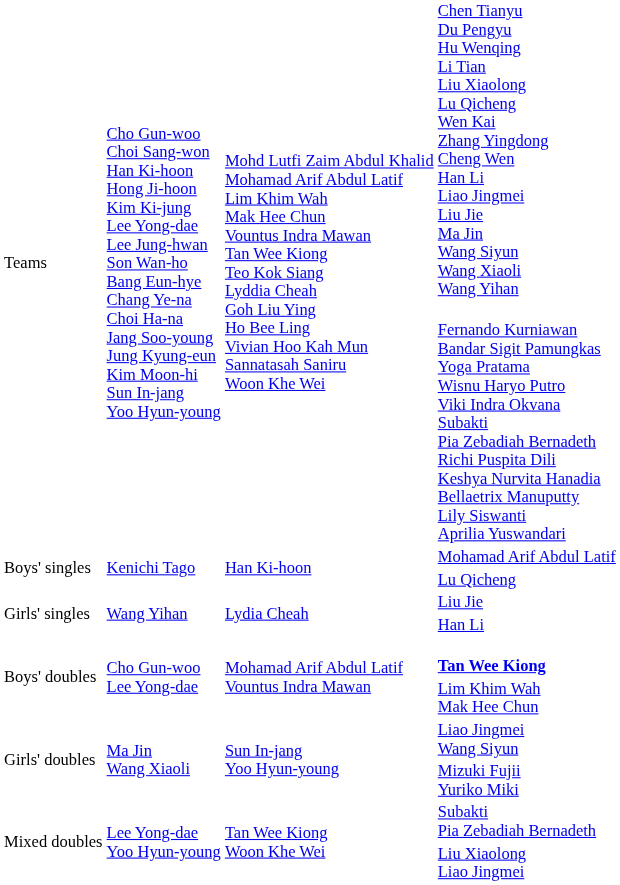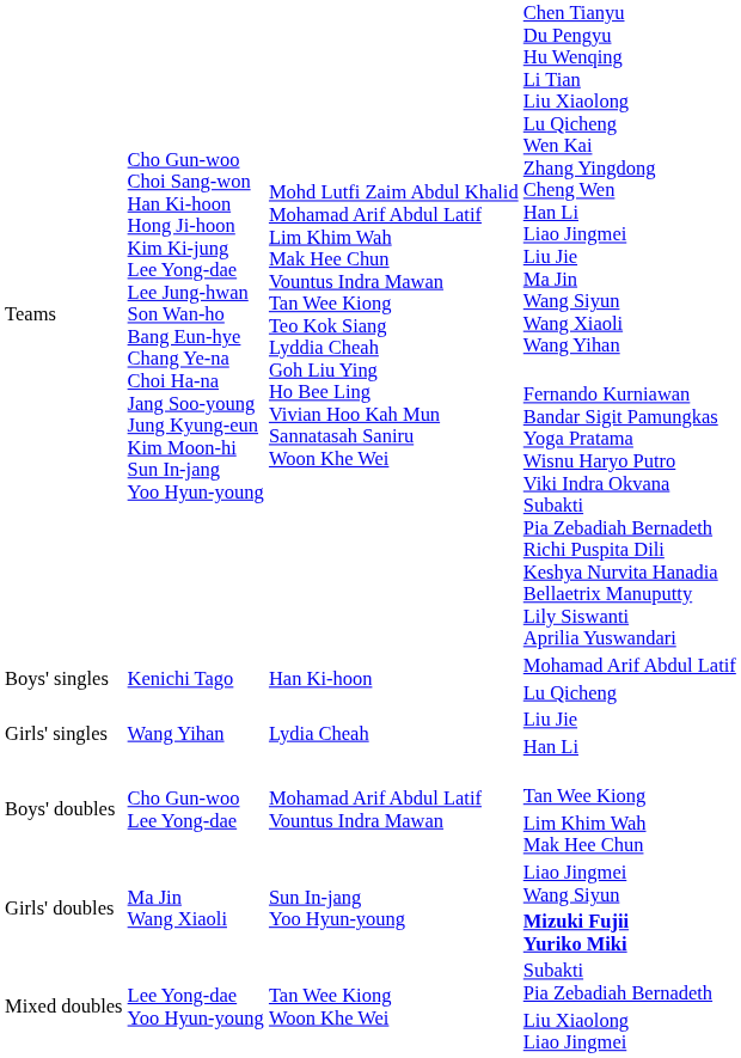 <table>
 <tr>
 <td rowspan=2>Teams<br></td>
 <td rowspan=2><br><a href='#'>Cho Gun-woo</a><br><a href='#'>Choi Sang-won</a><br><a href='#'>Han Ki-hoon</a><br><a href='#'>Hong Ji-hoon</a><br><a href='#'>Kim Ki-jung</a><br><a href='#'>Lee Yong-dae</a><br><a href='#'>Lee Jung-hwan</a><br><a href='#'>Son Wan-ho</a><br><a href='#'>Bang Eun-hye</a><br><a href='#'>Chang Ye-na</a><br><a href='#'>Choi Ha-na</a><br><a href='#'>Jang Soo-young</a><br><a href='#'>Jung Kyung-eun</a><br><a href='#'>Kim Moon-hi</a><br><a href='#'>Sun In-jang</a><br><a href='#'>Yoo Hyun-young</a></td>
 <td rowspan=2><br><a href='#'>Mohd Lutfi Zaim Abdul Khalid</a><br><a href='#'>Mohamad Arif Abdul Latif</a><br><a href='#'>Lim Khim Wah</a><br><a href='#'>Mak Hee Chun</a><br><a href='#'>Vountus Indra Mawan</a><br><a href='#'>Tan Wee Kiong</a><br><a href='#'>Teo Kok Siang</a><br><a href='#'>Lyddia Cheah</a><br><a href='#'>Goh Liu Ying</a><br><a href='#'>Ho Bee Ling</a><br><a href='#'>Vivian Hoo Kah Mun</a><br><a href='#'>Sannatasah Saniru</a><br><a href='#'>Woon Khe Wei</a></td>
 <td><br><a href='#'>Chen Tianyu</a><br><a href='#'>Du Pengyu</a><br><a href='#'>Hu Wenqing</a><br><a href='#'>Li Tian</a><br><a href='#'>Liu Xiaolong</a><br><a href='#'>Lu Qicheng</a><br><a href='#'>Wen Kai</a><br><a href='#'>Zhang Yingdong</a><br><a href='#'>Cheng Wen</a><br><a href='#'>Han Li</a><br><a href='#'>Liao Jingmei</a><br><a href='#'>Liu Jie</a><br><a href='#'>Ma Jin</a><br><a href='#'>Wang Siyun</a><br><a href='#'>Wang Xiaoli</a><br><a href='#'>Wang Yihan</a></td>
 </tr>
 <tr>
 <td><br><a href='#'>Fernando Kurniawan</a><br><a href='#'>Bandar Sigit Pamungkas</a><br><a href='#'>Yoga Pratama</a><br><a href='#'>Wisnu Haryo Putro</a><br><a href='#'>Viki Indra Okvana</a><br><a href='#'>Subakti</a><br><a href='#'>Pia Zebadiah Bernadeth</a><br><a href='#'>Richi Puspita Dili</a><br><a href='#'>Keshya Nurvita Hanadia</a><br><a href='#'>Bellaetrix Manuputty</a><br><a href='#'>Lily Siswanti</a><br><a href='#'>Aprilia Yuswandari</a></td>
 </tr>
 <tr>
 <td rowspan=2>Boys' singles<br></td>
 <td rowspan=2> <a href='#'>Kenichi Tago</a></td>
 <td rowspan=2> <a href='#'>Han Ki-hoon</a></td>
 <td> <a href='#'>Mohamad Arif Abdul Latif</a></td>
 </tr>
 <tr>
 <td> <a href='#'>Lu Qicheng</a></td>
 </tr>
 <tr>
 <td rowspan=2>Girls' singles<br></td>
 <td rowspan=2> <a href='#'>Wang Yihan</a></td>
 <td rowspan=2> <a href='#'>Lydia Cheah</a></td>
 <td> <a href='#'>Liu Jie</a></td>
 </tr>
 <tr>
 <td> <a href='#'>Han Li</a></td>
 </tr>
 <tr>
 <td rowspan=2>Boys' doubles<br></td>
 <td rowspan=2> <a href='#'>Cho Gun-woo</a><br> <a href='#'>Lee Yong-dae</a></td>
 <td rowspan=2> <a href='#'>Mohamad Arif Abdul Latif</a><br> <a href='#'>Vountus Indra Mawan</a></td>
-<td><strong><br> <a href='#'>Tan Wee Kiong</a></strong></td>
+<td><br> <a href='#'>Tan Wee Kiong</a></td>
 </tr>
 <tr>
 <td> <a href='#'>Lim Khim Wah</a><br> <a href='#'>Mak Hee Chun</a></td>
 </tr>
 <tr>
 <td rowspan=2>Girls' doubles<br></td>
 <td rowspan=2> <a href='#'>Ma Jin</a><br> <a href='#'>Wang Xiaoli</a></td>
 <td rowspan=2> <a href='#'>Sun In-jang</a><br> <a href='#'>Yoo Hyun-young</a></td>
 <td> <a href='#'>Liao Jingmei</a><br> <a href='#'>Wang Siyun</a></td>
 </tr>
 <tr>
-<td> <a href='#'>Mizuki Fujii</a><br> <a href='#'>Yuriko Miki</a></td>
+<td><strong> <a href='#'>Mizuki Fujii</a><br> <a href='#'>Yuriko Miki</a></strong></td>
 </tr>
 <tr>
 <td rowspan=2>Mixed doubles<br></td>
 <td rowspan=2> <a href='#'>Lee Yong-dae</a><br> <a href='#'>Yoo Hyun-young</a></td>
 <td rowspan=2> <a href='#'>Tan Wee Kiong</a><br> <a href='#'>Woon Khe Wei</a></td>
 <td> <a href='#'>Subakti</a><br> <a href='#'>Pia Zebadiah Bernadeth</a></td>
 </tr>
 <tr>
 <td> <a href='#'>Liu Xiaolong</a><br> <a href='#'>Liao Jingmei</a></td>
 </tr>
 </table>
